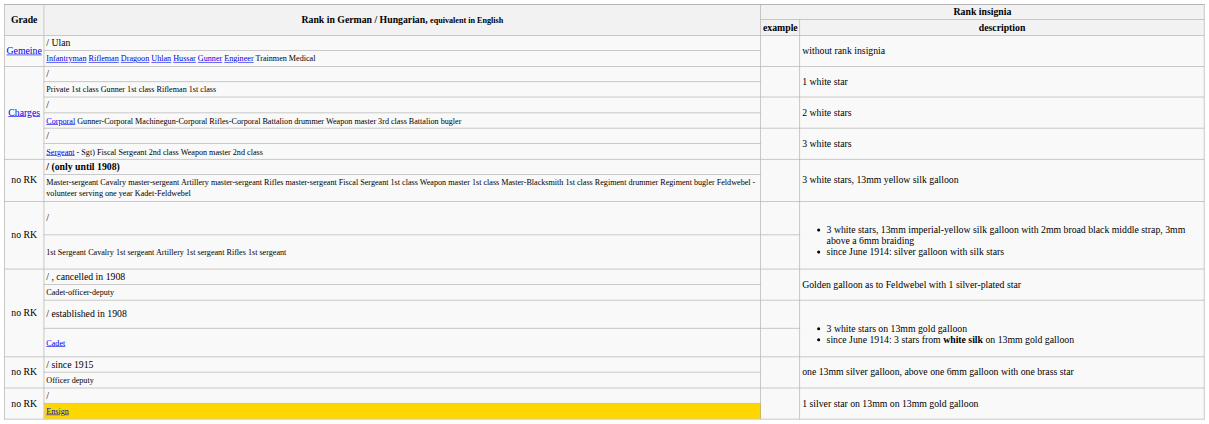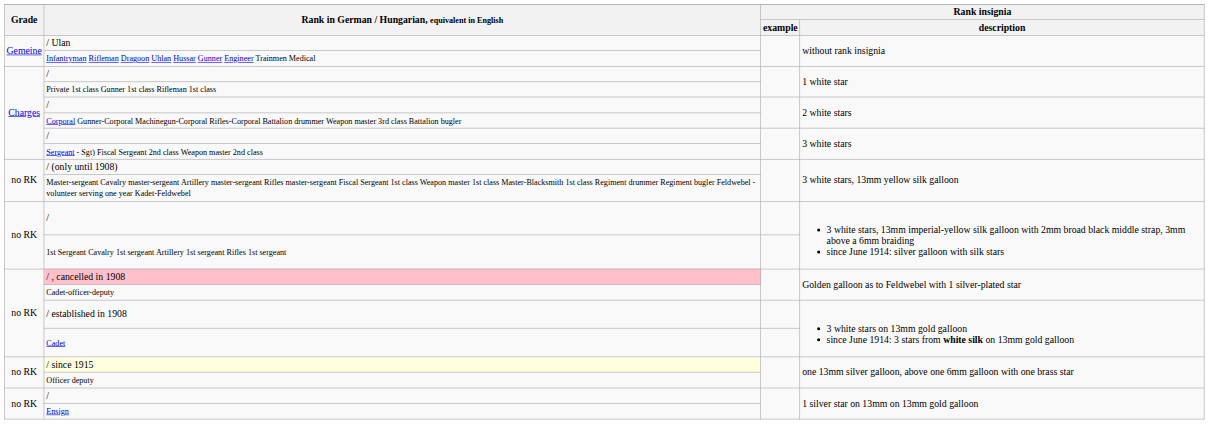 <table class="wikitable">
 <tr>
 </tr>
 <tr ---- bgcolor="#FFFFFF">
 <th rowspan="2">Grade</th>
 <th rowspan="2">Rank in German <span> / Hungarian</span>, <small>equivalent in English</small></th>
 <th colspan="2">Rank insignia</th>
 </tr>
 <tr>
 <th>example</th>
 <th>description</th>
 </tr>
 <tr>
 <td align="center" rowspan="2"><a href='#'>Gemeine</a></td>
 <td> <span> / </span>      Ulan          </td>
 <td align="center" rowspan="2"></td>
 <td rowspan="2">without rank insignia</td>
 </tr>
 <tr>
 <td><small><a href='#'>Infantryman</a>  <a href='#'>Rifleman</a>  <a href='#'>Dragoon</a>  <a href='#'>Uhlan</a>  <a href='#'>Hussar</a>  <a href='#'>Gunner</a>  <a href='#'>Engineer</a>  Trainmen  Medical</small></td>
 </tr>
 <tr>
 <td align="center" rowspan="6"><a href='#'>Charges</a></td>
 <td> <span> / </span>    </td>
 <td align="center" rowspan="2"></td>
 <td rowspan="2">1 white star</td>
 </tr>
 <tr>
 <td><small>Private 1st class  Gunner 1st class  Rifleman 1st class</small></td>
 </tr>
 <tr>
 <td> <span> / </span>            </td>
 <td align="center" rowspan="2"></td>
 <td rowspan="2">2 white stars</td>
 </tr>
 <tr>
 <td><small><a href='#'>Corporal</a>  Gunner-Corporal  Machinegun-Corporal  Rifles-Corporal  Battalion drummer  Weapon master 3rd class  Battalion bugler</small></td>
 </tr>
 <tr>
 <td> <span> / </span>      </td>
 <td align="center" rowspan="2"></td>
 <td rowspan="2">3 white stars</td>
 </tr>
 <tr>
 <td><small><a href='#'>Sergeant</a> - Sgt)    Fiscal Sergeant 2nd class  Weapon master 2nd class</small></td>
 </tr>
 <tr>
 <td align="center" rowspan="2">no RK</td>
-<td><strong> <span> / </span>                     (only until 1908)</strong></td>
+<td> <span> / </span>                     (only until 1908)</td>
 <td rowspan="2"></td>
 <td rowspan="2">3 white stars, 13mm yellow silk galloon</td>
 </tr>
 <tr>
 <td><small>Master-sergeant  Cavalry master-sergeant  Artillery master-sergeant  Rifles master-sergeant  Fiscal Sergeant 1st class  Weapon master 1st class  Master-Blacksmith 1st class  Regiment drummer  Regiment bugler  Feldwebel - volunteer serving one year  Kadet-Feldwebel</small></td>
 </tr>
 <tr>
 <td align="center" rowspan="2">no RK</td>
 <td> <span> / </span>      </td>
 <td rowspan="1"></td>
 <td rowspan="2"><br><ul><li>3 white stars, 13mm imperial-yellow silk galloon with 2mm broad black middle strap, 3mm above a 6mm braiding</li><li>since June 1914: silver galloon with silk stars</li></ul></td>
 </tr>
 <tr>
 <td><small>1st Sergeant  Cavalry 1st sergeant  Artillery 1st sergeant  Rifles 1st sergeant</small></td>
 <td rowspan="1"></td>
 </tr>
 <tr>
 <td align="center" rowspan="4">no RK</td>
-<td> <span> / </span>, cancelled in 1908</td>
+<td style="background: pink;"> <span> / </span>, cancelled in 1908</td>
 <td rowspan="2"></td>
 <td rowspan="2">Golden galloon as to Feldwebel with 1 silver-plated star</td>
 </tr>
 <tr>
 <td><small>Cadet-officer-deputy</small></td>
 </tr>
 <tr>
 <td> <span> / </span> established in 1908</td>
 <td rowspan="1"></td>
 <td rowspan="2"><br><ul><li>3 white stars on 13mm gold galloon</li><li>since June 1914: 3 stars from <strong>white silk</strong> on 13mm gold galloon</li></ul></td>
 </tr>
 <tr>
 <td><small><a href='#'>Cadet</a></small></td>
 <td rowspan="1"></td>
 </tr>
 <tr>
 <td align="center" rowspan="2">no RK</td>
-<td> <span> / </span> since 1915</td>
+<td style="background: lightyellow;"> <span> / </span> since 1915</td>
 <td rowspan="2"></td>
 <td rowspan="2">one 13mm silver galloon, above one 6mm galloon with one brass star</td>
 </tr>
 <tr>
 <td><small>Officer deputy</small></td>
 </tr>
 <tr>
 <td align="center" rowspan="2">no RK</td>
 <td> <span> / </span></td>
 <td rowspan="2"></td>
 <td rowspan="2">1 silver star on 13mm on 13mm gold galloon</td>
 </tr>
 <tr>
-<td style="background: gold;"><small><a href='#'>Ensign</a></small></td>
+<td><small><a href='#'>Ensign</a></small></td>
 </tr>
 </table>
